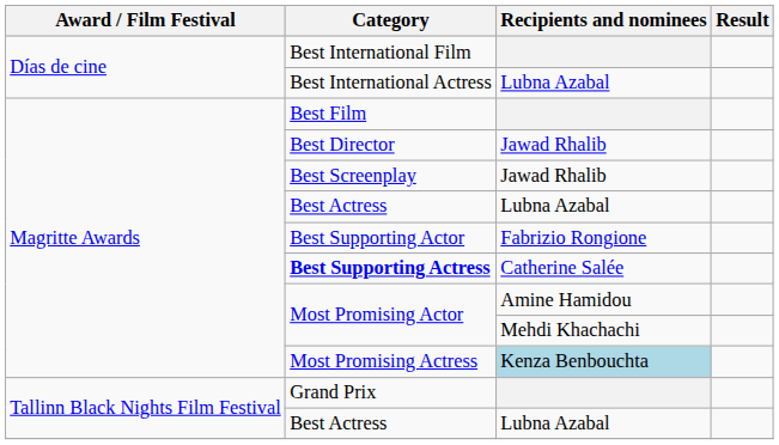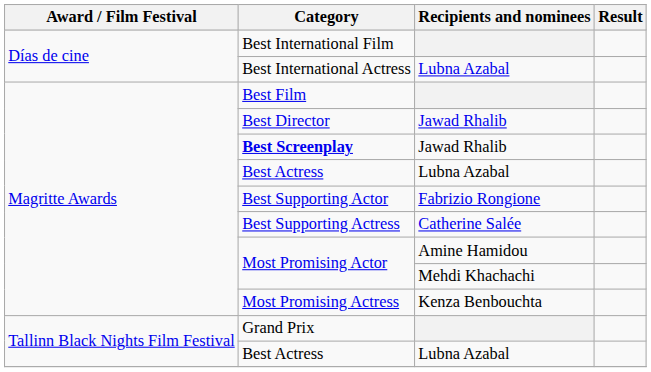 <table class="wikitable plainrowheaders sortable">
 <tr style="background:#ccc; text-align:center;">
 <th scope="col">Award / Film Festival</th>
 <th scope="col">Category</th>
 <th scope="col">Recipients and nominees</th>
 <th scope="col">Result</th>
 </tr>
 <tr>
 <td rowspan=2><a href='#'>Días de cine</a></td>
 <td>Best International Film</td>
 <th></th>
 <td></td>
 </tr>
 <tr>
 <td>Best International Actress</td>
 <td><a href='#'>Lubna Azabal</a></td>
 <td></td>
 </tr>
 <tr>
 <td rowspan=9><a href='#'>Magritte Awards</a></td>
 <td><a href='#'>Best Film</a></td>
 <th></th>
 <td></td>
 </tr>
 <tr>
 <td><a href='#'>Best Director</a></td>
 <td><a href='#'>Jawad Rhalib</a></td>
 <td></td>
 </tr>
 <tr>
-<td><a href='#'>Best Screenplay</a></td>
+<td><strong><a href='#'>Best Screenplay</a></strong></td>
 <td>Jawad Rhalib</td>
 <td></td>
 </tr>
 <tr>
 <td><a href='#'>Best Actress</a></td>
 <td>Lubna Azabal</td>
 <td></td>
 </tr>
 <tr>
 <td><a href='#'>Best Supporting Actor</a></td>
 <td><a href='#'>Fabrizio Rongione</a></td>
 <td></td>
 </tr>
 <tr>
-<td><strong><a href='#'>Best Supporting Actress</a></strong></td>
+<td><a href='#'>Best Supporting Actress</a></td>
 <td><a href='#'>Catherine Salée</a></td>
 <td></td>
 </tr>
 <tr>
 <td rowspan=2><a href='#'>Most Promising Actor</a></td>
 <td>Amine Hamidou</td>
 <td></td>
 </tr>
 <tr>
 <td>Mehdi Khachachi</td>
 <td></td>
 </tr>
 <tr>
 <td><a href='#'>Most Promising Actress</a></td>
-<td style="background: lightblue;">Kenza Benbouchta</td>
+<td>Kenza Benbouchta</td>
 <td></td>
 </tr>
 <tr>
 <td rowspan=2><a href='#'>Tallinn Black Nights Film Festival</a></td>
 <td>Grand Prix</td>
 <th></th>
 <td></td>
 </tr>
 <tr>
 <td>Best Actress</td>
 <td>Lubna Azabal</td>
 <td></td>
 </tr>
 <tr>
 </tr>
 </table>
